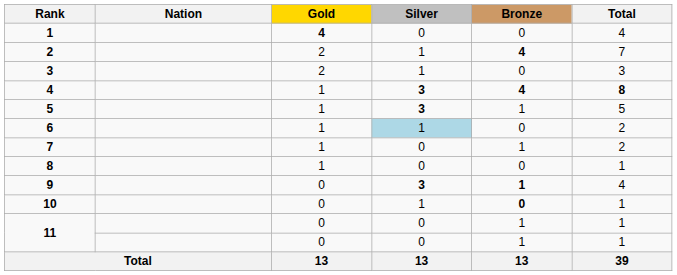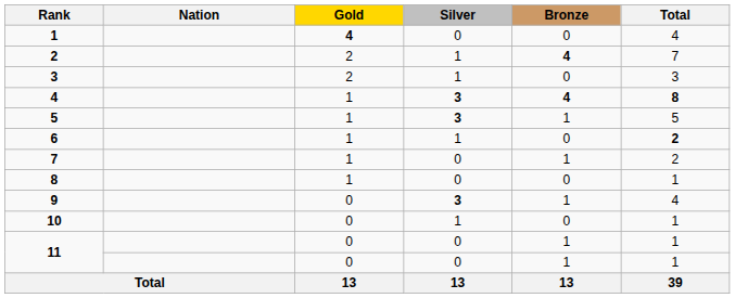 <table class="wikitable collapsible autocollapse plainrowheaders" width=70.5% style="text-align:center;">
 <tr style="background-color:#EDEDED;">
 <th width=100px class="hintergrundfarbe5">Rank</th>
 <th width=200px class="hintergrundfarbe6">Nation</th>
 <th style="background:    gold; width:15%">Gold</th>
 <th style="background:  silver; width:15%">Silver</th>
 <th style="background: #CC9966; width:15%">Bronze</th>
 <th class="hintergrundfarbe6" style="width:15%">Total</th>
 </tr>
 <tr>
 <td><strong>1</strong></td>
 <td align=left></td>
 <td><strong>4</strong></td>
 <td>0</td>
 <td>0</td>
 <td>4</td>
 </tr>
 <tr>
 <td><strong>2</strong></td>
 <td align=left></td>
 <td>2</td>
 <td>1</td>
 <td><strong>4</strong></td>
 <td>7</td>
 </tr>
 <tr>
 <td><strong>3</strong></td>
 <td align=left></td>
 <td>2</td>
 <td>1</td>
 <td>0</td>
 <td>3</td>
 </tr>
 <tr>
 <td><strong>4</strong></td>
 <td align=left></td>
 <td>1</td>
 <td><strong>3</strong></td>
 <td><strong>4</strong></td>
 <td><strong>8</strong></td>
 </tr>
 <tr>
 <td><strong>5</strong></td>
 <td align=left></td>
 <td>1</td>
 <td><strong>3</strong></td>
 <td>1</td>
 <td>5</td>
 </tr>
 <tr>
 <td><strong>6</strong></td>
 <td align=left></td>
 <td>1</td>
-<td style="background: lightblue;">1</td>
+<td>1</td>
 <td>0</td>
-<td>2</td>
+<td><strong>2</strong></td>
 </tr>
 <tr>
 <td><strong>7</strong></td>
 <td align=left></td>
 <td>1</td>
 <td>0</td>
 <td>1</td>
 <td>2</td>
 </tr>
 <tr>
 <td><strong>8</strong></td>
 <td align=left></td>
 <td>1</td>
 <td>0</td>
 <td>0</td>
 <td>1</td>
 </tr>
 <tr>
 <td><strong>9</strong></td>
 <td align=left></td>
 <td>0</td>
 <td><strong>3</strong></td>
-<td><strong>1</strong></td>
+<td>1</td>
 <td>4</td>
 </tr>
 <tr>
 <td><strong>10</strong></td>
 <td align=left></td>
 <td>0</td>
 <td>1</td>
-<td><strong>0</strong></td>
+<td>0</td>
 <td>1</td>
 </tr>
 <tr>
 <td rowspan=2><strong>11</strong></td>
 <td align=left></td>
 <td>0</td>
 <td>0</td>
 <td>1</td>
 <td>1</td>
 </tr>
 <tr>
 <td align=left></td>
 <td>0</td>
 <td>0</td>
 <td>1</td>
 <td>1</td>
 </tr>
 <tr>
 <th colspan=2>Total</th>
 <th>13</th>
 <th>13</th>
 <th>13</th>
 <th>39</th>
 </tr>
 </table>
